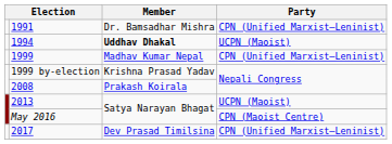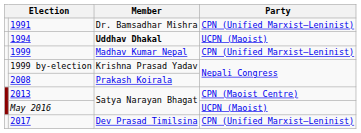 <table class="wikitable">
 <tr>
 <th colspan="2">Election</th>
 <th>Member</th>
 <th>Party</th>
 </tr>
 <tr>
 <td style="background-color:"></td>
 <td><a href='#'>1991</a></td>
 <td>Dr. Bamsadhar Mishra</td>
 <td><a href='#'>CPN (Unified Marxist–Leninist)</a></td>
 </tr>
 <tr>
 <td style="background-color:"></td>
 <td><a href='#'>1994</a></td>
 <td><strong>Uddhav Dhakal</strong></td>
 <td><a href='#'>UCPN (Maoist)</a></td>
 </tr>
 <tr>
 <td style="background-color:"></td>
 <td><a href='#'>1999</a></td>
 <td><a href='#'>Madhav Kumar Nepal</a></td>
 <td><a href='#'>CPN (Unified Marxist–Leninist)</a></td>
 </tr>
 <tr>
 <td rowspan="2" style="background-color:"></td>
 <td>1999 by-election</td>
 <td>Krishna Prasad Yadav</td>
 <td rowspan="2"><a href='#'>Nepali Congress</a></td>
 </tr>
 <tr>
 <td><a href='#'>2008</a></td>
 <td><a href='#'>Prakash Koirala</a></td>
 </tr>
 <tr>
 <td rowspan="2" style="background-color:darkred"></td>
 <td><a href='#'>2013</a></td>
 <td rowspan="2">Satya Narayan Bhagat</td>
-<td><a href='#'>UCPN (Maoist)</a></td>
+<td><a href='#'>CPN (Maoist Centre)</a></td>
 </tr>
 <tr>
 <td><em>May 2016</em></td>
-<td><a href='#'>CPN (Maoist Centre)</a></td>
+<td><a href='#'>UCPN (Maoist)</a></td>
 </tr>
 <tr>
 <td style="background-color:"></td>
 <td><a href='#'>2017</a></td>
 <td><a href='#'>Dev Prasad Timilsina</a></td>
 <td><a href='#'>CPN (Unified Marxist–Leninist)</a></td>
 </tr>
 </table>
